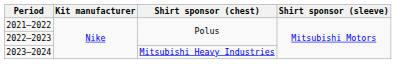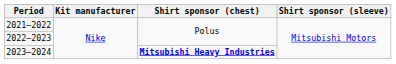 <table class="wikitable" style="text-align:center">
 <tr>
 <th>Period</th>
 <th>Kit manufacturer</th>
 <th>Shirt sponsor (chest)</th>
 <th>Shirt sponsor (sleeve)</th>
 </tr>
 <tr>
 <td>2021–2022</td>
 <td rowspan="3"><a href='#'>Nike</a></td>
 <td rowspan="2">Polus</td>
 <td rowspan="3"><a href='#'>Mitsubishi Motors</a></td>
 </tr>
 <tr>
 <td>2022–2023</td>
 </tr>
 <tr>
 <td>2023–2024</td>
-<td><a href='#'>Mitsubishi Heavy Industries</a></td>
+<td><strong><a href='#'>Mitsubishi Heavy Industries</a></strong></td>
 </tr>
 </table>
